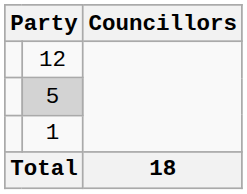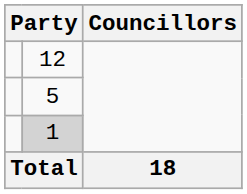 <table class="wikitable">
 <tr>
 <th colspan=2>Party</th>
 <th>Councillors</th>
 </tr>
 <tr>
 <td></td>
 <td align=center>12</td>
 </tr>
 <tr>
 <td></td>
-<td align=center style="background: lightgrey;">5</td>
+<td align=center>5</td>
 </tr>
 <tr>
 <td></td>
-<td align=center>1</td>
+<td align=center style="background: lightgrey;">1</td>
 </tr>
 <tr>
 <th colspan=2>Total</th>
 <th align=center>18</th>
 </tr>
 </table>
